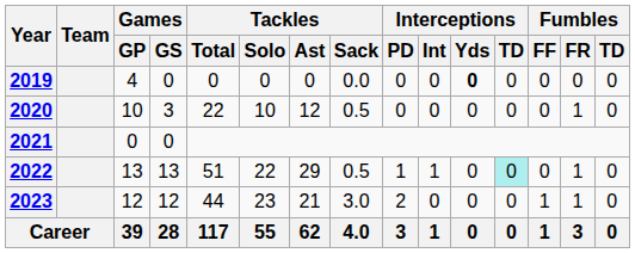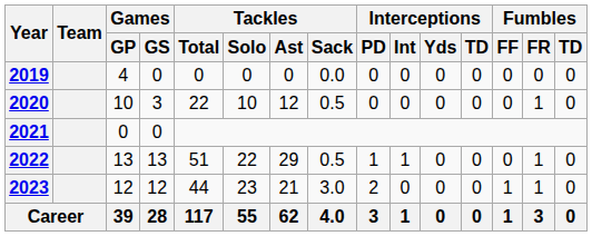 <table class="wikitable" style="text-align:center;">
 <tr>
 <th rowspan="2">Year</th>
 <th rowspan="2">Team</th>
 <th colspan="2">Games</th>
 <th colspan="4">Tackles</th>
 <th colspan="4">Interceptions</th>
 <th colspan="3">Fumbles</th>
 </tr>
 <tr>
 <th>GP</th>
 <th>GS</th>
 <th>Total</th>
 <th>Solo</th>
 <th>Ast</th>
 <th>Sack</th>
 <th>PD</th>
 <th>Int</th>
 <th>Yds</th>
 <th>TD</th>
 <th>FF</th>
 <th>FR</th>
 <th>TD</th>
 </tr>
 <tr>
 <th><a href='#'>2019</a></th>
 <th><a href='#'></a></th>
 <td>4</td>
 <td>0</td>
 <td>0</td>
 <td>0</td>
 <td>0</td>
 <td>0.0</td>
 <td>0</td>
 <td>0</td>
-<td><strong>0</strong></td>
+<td>0</td>
 <td>0</td>
 <td>0</td>
 <td>0</td>
 <td>0</td>
 </tr>
 <tr>
 <th><a href='#'>2020</a></th>
 <th><a href='#'></a></th>
 <td>10</td>
 <td>3</td>
 <td>22</td>
 <td>10</td>
 <td>12</td>
 <td>0.5</td>
 <td>0</td>
 <td>0</td>
 <td>0</td>
 <td>0</td>
 <td>0</td>
 <td>1</td>
 <td>0</td>
 </tr>
 <tr>
 <th><a href='#'>2021</a></th>
 <th><a href='#'></a></th>
 <td>0</td>
 <td>0</td>
 <td colspan="11"></td>
 </tr>
 <tr>
 <th><a href='#'>2022</a></th>
 <th><a href='#'></a></th>
 <td>13</td>
 <td>13</td>
 <td>51</td>
 <td>22</td>
 <td>29</td>
 <td>0.5</td>
 <td>1</td>
 <td>1</td>
 <td>0</td>
-<td style="background: paleturquoise;">0</td>
+<td>0</td>
 <td>0</td>
 <td>1</td>
 <td>0</td>
 </tr>
 <tr>
 <th><a href='#'>2023</a></th>
 <th><a href='#'></a></th>
 <td>12</td>
 <td>12</td>
 <td>44</td>
 <td>23</td>
 <td>21</td>
 <td>3.0</td>
 <td>2</td>
 <td>0</td>
 <td>0</td>
 <td>0</td>
 <td>1</td>
 <td>1</td>
 <td>0</td>
 </tr>
 <tr>
 <th align=center colspan="2">Career</th>
 <th>39</th>
 <th>28</th>
 <th>117</th>
 <th>55</th>
 <th>62</th>
 <th>4.0</th>
 <th>3</th>
 <th>1</th>
 <th>0</th>
 <th>0</th>
 <th>1</th>
 <th>3</th>
 <th>0</th>
 </tr>
 </table>
